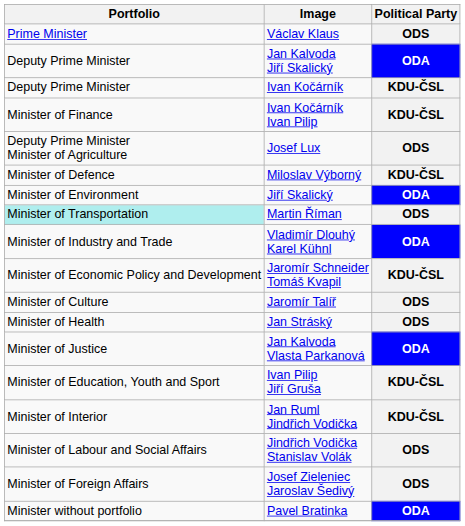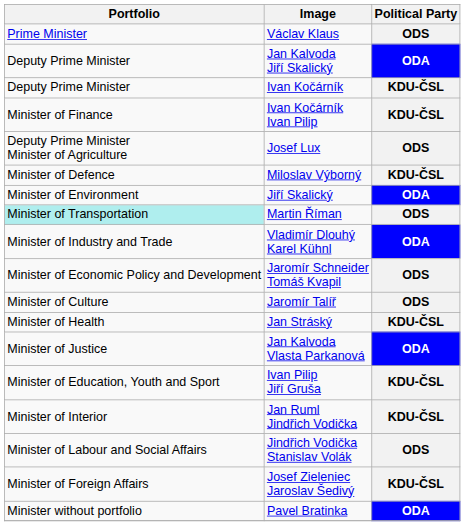 <table class="wikitable">
 <tr>
 <th>Portfolio</th>
 <th>Image</th>
 <th>Political Party</th>
 </tr>
 <tr>
 <td><a href='#'>Prime Minister</a></td>
 <td><a href='#'>Václav Klaus</a></td>
 <th style="background-color:">ODS</th>
 </tr>
 <tr>
 <td>Deputy Prime Minister</td>
 <td><a href='#'>Jan Kalvoda</a><br><a href='#'>Jiří Skalický</a></td>
 <th style="background-color:#0000FF; color:white">ODA</th>
 </tr>
 <tr>
 <td>Deputy Prime Minister</td>
 <td><a href='#'>Ivan Kočárník</a></td>
 <th style="background-color:">KDU-ČSL</th>
 </tr>
 <tr>
 <td>Minister of Finance</td>
 <td><a href='#'>Ivan Kočárník</a><br><a href='#'>Ivan Pilip</a></td>
 <th style="background-color:">KDU-ČSL</th>
 </tr>
 <tr>
 <td>Deputy Prime Minister <br> Minister of Agriculture</td>
 <td><a href='#'>Josef Lux</a></td>
 <th style="background-color:">ODS</th>
 </tr>
 <tr>
 <td>Minister of Defence</td>
 <td><a href='#'>Miloslav Výborný</a></td>
 <th style="background-color:">KDU-ČSL</th>
 </tr>
 <tr>
 <td>Minister of Environment</td>
 <td><a href='#'>Jiří Skalický</a></td>
 <th style="background-color:#0000FF; color:white">ODA</th>
 </tr>
 <tr>
 <td style="background: paleturquoise;">Minister of Transportation</td>
 <td><a href='#'>Martin Říman</a></td>
 <th style="background-color:">ODS</th>
 </tr>
 <tr>
 <td>Minister of Industry and Trade</td>
 <td><a href='#'>Vladimír Dlouhý</a><br><a href='#'>Karel Kühnl</a></td>
 <th style="background-color:#0000FF; color:white">ODA</th>
 </tr>
 <tr>
 <td>Minister of Economic Policy and Development</td>
 <td><a href='#'>Jaromír Schneider</a><br><a href='#'>Tomáš Kvapil</a></td>
-<th style="background-color:">KDU-ČSL</th>
+<th style="background-color:">ODS</th>
 </tr>
 <tr>
 <td>Minister of Culture</td>
 <td><a href='#'>Jaromír Talíř</a></td>
 <th style="background-color:">ODS</th>
 </tr>
 <tr>
 <td>Minister of Health</td>
 <td><a href='#'>Jan Stráský</a></td>
-<th style="background-color:">ODS</th>
+<th style="background-color:">KDU-ČSL</th>
 </tr>
 <tr>
 <td>Minister of Justice</td>
 <td><a href='#'>Jan Kalvoda</a><br><a href='#'>Vlasta Parkanová</a></td>
 <th style="background-color:#0000FF; color:white">ODA</th>
 </tr>
 <tr>
 <td>Minister of Education, Youth and Sport</td>
 <td><a href='#'>Ivan Pilip</a><br><a href='#'>Jiří Gruša</a></td>
 <th style="background-color:">KDU-ČSL</th>
 </tr>
 <tr>
 <td>Minister of Interior</td>
 <td><a href='#'>Jan Ruml</a><br><a href='#'>Jindřich Vodička</a></td>
 <th style="background-color:">KDU-ČSL</th>
 </tr>
 <tr>
 <td>Minister of Labour and Social Affairs</td>
 <td><a href='#'>Jindřich Vodička</a><br><a href='#'>Stanislav Volák</a></td>
 <th style="background-color:">ODS</th>
 </tr>
 <tr>
 <td>Minister of Foreign Affairs</td>
 <td><a href='#'>Josef Zieleniec</a><br><a href='#'>Jaroslav Šedivý</a></td>
-<th style="background-color:">ODS</th>
+<th style="background-color:">KDU-ČSL</th>
 </tr>
 <tr>
 <td>Minister without portfolio</td>
 <td><a href='#'>Pavel Bratinka</a></td>
 <th style="background-color:#0000FF; color:white">ODA</th>
 </tr>
 <tr>
 </tr>
 </table>
